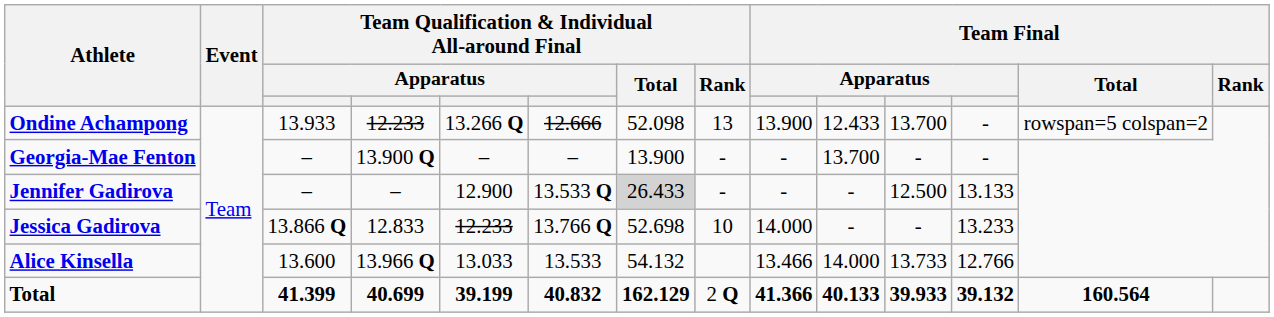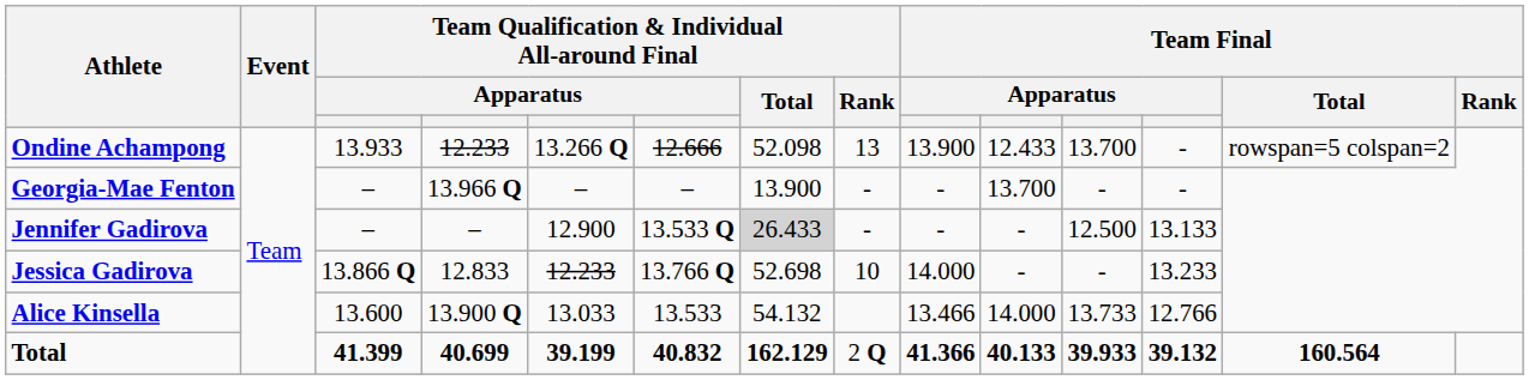 <table class="wikitable" style="font-size:90%">
 <tr>
 <th rowspan=3>Athlete</th>
 <th rowspan=3>Event</th>
 <th colspan=6>Team Qualification & Individual<br>All-around Final</th>
 <th colspan=6>Team Final</th>
 </tr>
 <tr style="font-size:95%">
 <th colspan=4>Apparatus</th>
 <th rowspan=2>Total</th>
 <th rowspan=2>Rank</th>
 <th colspan=4>Apparatus</th>
 <th rowspan=2>Total</th>
 <th rowspan=2>Rank</th>
 </tr>
 <tr style="font-size:95%">
 <th></th>
 <th></th>
 <th></th>
 <th></th>
 <th></th>
 <th></th>
 <th></th>
 <th></th>
 </tr>
 <tr align=center>
 <td align=left><strong><a href='#'>Ondine Achampong</a></strong></td>
 <td align=left rowspan=6><a href='#'>Team</a></td>
 <td>13.933</td>
 <td><s>12.233</s></td>
 <td>13.266 <strong>Q</strong></td>
 <td><s>12.666</s></td>
 <td>52.098</td>
 <td>13</td>
 <td>13.900</td>
 <td>12.433</td>
 <td>13.700</td>
 <td>-</td>
 <td>rowspan=5 colspan=2</td>
 </tr>
 <tr align=center>
 <td align=left><strong><a href='#'>Georgia-Mae Fenton</a></strong></td>
 <td>–</td>
-<td>13.900 <strong>Q</strong></td>
+<td>13.966 <strong>Q</strong></td>
 <td>–</td>
 <td>–</td>
 <td>13.900</td>
 <td>-</td>
 <td>-</td>
 <td>13.700</td>
 <td>-</td>
 <td>-</td>
 </tr>
 <tr align=center>
 <td align=left><strong><a href='#'>Jennifer Gadirova</a></strong></td>
 <td>–</td>
 <td>–</td>
 <td>12.900</td>
 <td>13.533 <strong>Q</strong></td>
 <td style="background: lightgrey;">26.433</td>
 <td>-</td>
 <td>-</td>
 <td>-</td>
 <td>12.500</td>
 <td>13.133</td>
 </tr>
 <tr align=center>
 <td align=left><strong><a href='#'>Jessica Gadirova</a></strong></td>
 <td>13.866 <strong>Q</strong></td>
 <td>12.833</td>
 <td><s>12.233</s></td>
 <td>13.766 <strong>Q</strong></td>
 <td>52.698</td>
 <td>10</td>
 <td>14.000</td>
 <td>-</td>
 <td>-</td>
 <td>13.233</td>
 </tr>
 <tr align=center>
 <td align=left><strong><a href='#'>Alice Kinsella</a></strong></td>
 <td>13.600</td>
-<td>13.966 <strong>Q</strong></td>
+<td>13.900 <strong>Q</strong></td>
 <td>13.033</td>
 <td>13.533</td>
 <td>54.132</td>
 <td></td>
 <td>13.466</td>
 <td>14.000</td>
 <td>13.733</td>
 <td>12.766</td>
 </tr>
 <tr align=center>
 <td align=left><strong>Total</strong></td>
 <td><strong>41.399</strong></td>
 <td><strong>40.699</strong></td>
 <td><strong>39.199</strong></td>
 <td><strong>40.832</strong></td>
 <td><strong>162.129</strong></td>
 <td>2 <strong>Q</strong></td>
 <td><strong>41.366</strong></td>
 <td><strong>40.133</strong></td>
 <td><strong>39.933</strong></td>
 <td><strong>39.132</strong></td>
 <td><strong>160.564</strong></td>
 <td></td>
 </tr>
 </table>
